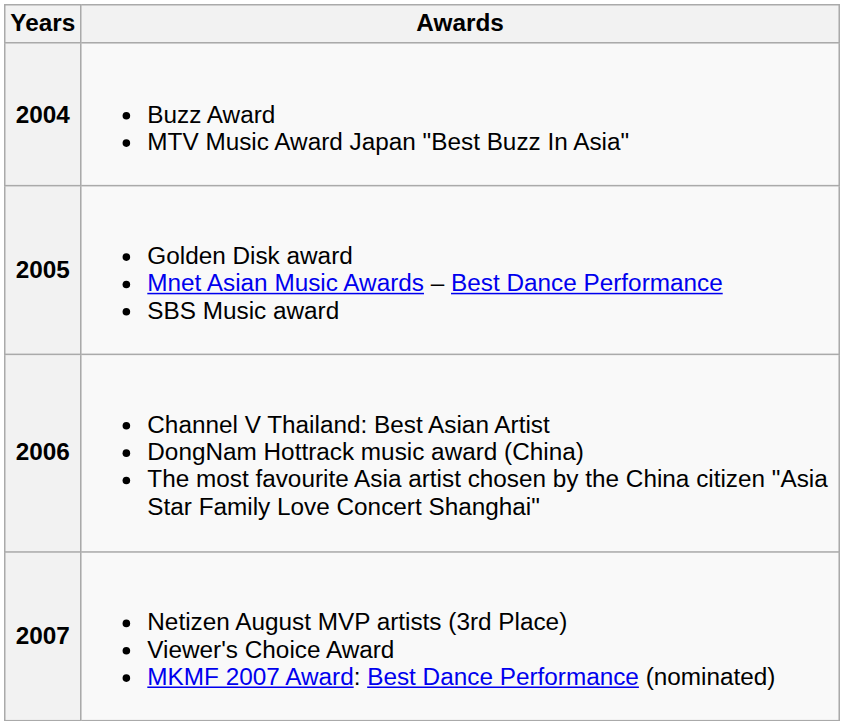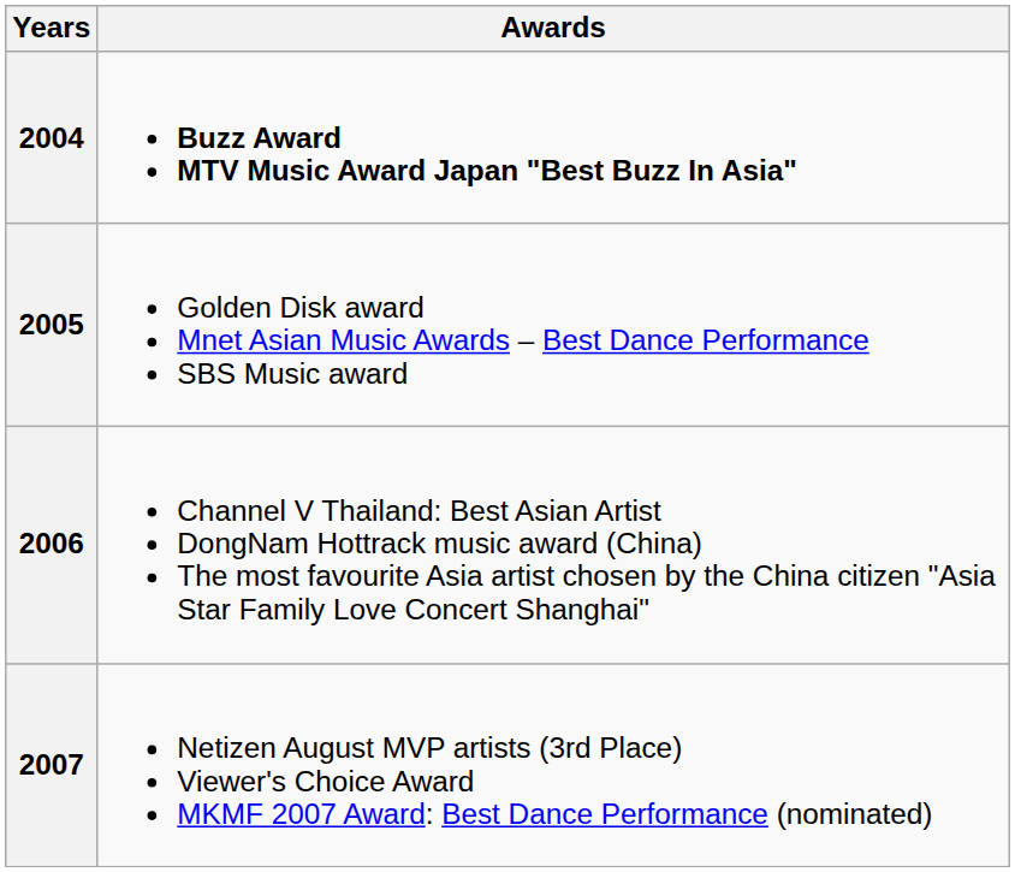 <table class="wikitable" width="550px">
 <tr>
 <th align="left">Years</th>
 <th align="left">Awards</th>
 </tr>
 <tr>
 <th align="center">2004</th>
-<td align="left"><br><ul><li>Buzz Award</li><li>MTV Music Award Japan "Best Buzz In Asia"</li></ul></td>
+<td align="left"><strong><br><ul><li>Buzz Award</li><li>MTV Music Award Japan "Best Buzz In Asia"</li></ul></strong></td>
 </tr>
 <tr>
 <th align="center">2005</th>
 <td align="left"><br><ul><li>Golden Disk award</li><li><a href='#'>Mnet Asian Music Awards</a> – <a href='#'>Best Dance Performance</a></li><li>SBS Music award</li></ul></td>
 </tr>
 <tr>
 <th align="center">2006</th>
 <td align="left"><br><ul><li>Channel V Thailand: Best Asian Artist</li><li>DongNam Hottrack music award (China)</li><li>The most favourite Asia artist chosen by the China citizen "Asia Star Family Love Concert Shanghai"</li></ul></td>
 </tr>
 <tr>
 <th align="center">2007</th>
 <td align="left"><br><ul><li>Netizen August MVP artists (3rd Place)</li><li>Viewer's Choice Award</li><li><a href='#'>MKMF 2007 Award</a>: <a href='#'>Best Dance Performance</a> (nominated)</li></ul></td>
 </tr>
 </table>
